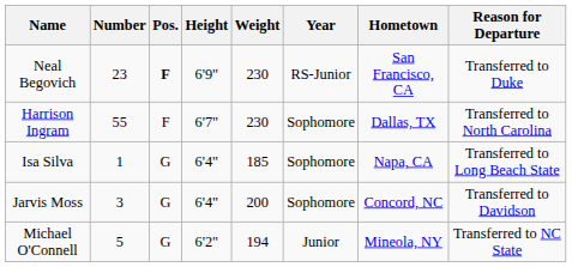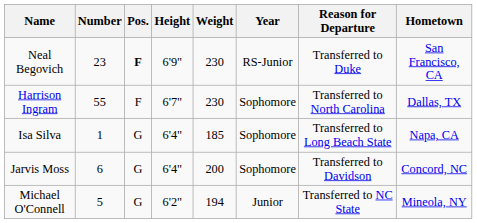 <table class="wikitable sortable sortable" style="text-align: center">
 <tr align=center>
 <th>Name</th>
 <th>Number</th>
 <th>Pos.</th>
 <th>Height</th>
 <th>Weight</th>
 <th>Year</th>
+<th>Reason for Departure</th>
 <th>Hometown</th>
-<th>Reason for Departure</th>
 </tr>
 <tr>
 <td>Neal Begovich</td>
 <td>23</td>
 <td><strong>F</strong></td>
 <td>6'9"</td>
 <td>230</td>
 <td>RS-Junior</td>
+<td>Transferred to <a href='#'>Duke</a></td>
 <td><a href='#'>San Francisco, CA</a></td>
-<td>Transferred to <a href='#'>Duke</a></td>
 </tr>
 <tr>
 <td><a href='#'>Harrison Ingram</a></td>
 <td>55</td>
 <td>F</td>
 <td>6'7"</td>
 <td>230</td>
 <td>Sophomore</td>
+<td>Transferred to <a href='#'>North Carolina</a></td>
 <td><a href='#'>Dallas, TX</a></td>
-<td>Transferred to <a href='#'>North Carolina</a></td>
 </tr>
 <tr>
 <td>Isa Silva</td>
 <td>1</td>
 <td>G</td>
 <td>6'4"</td>
 <td>185</td>
 <td>Sophomore</td>
+<td>Transferred to <a href='#'>Long Beach State</a></td>
 <td><a href='#'>Napa, CA</a></td>
-<td>Transferred to <a href='#'>Long Beach State</a></td>
 </tr>
 <tr>
 <td>Jarvis Moss</td>
-<td>3</td>
+<td>6</td>
 <td>G</td>
 <td>6'4"</td>
 <td>200</td>
 <td>Sophomore</td>
+<td>Transferred to <a href='#'>Davidson</a></td>
 <td><a href='#'>Concord, NC</a></td>
-<td>Transferred to <a href='#'>Davidson</a></td>
 </tr>
 <tr>
 <td>Michael O'Connell</td>
 <td>5</td>
 <td>G</td>
 <td>6'2"</td>
 <td>194</td>
 <td>Junior</td>
+<td>Transferred to <a href='#'>NC State</a></td>
 <td><a href='#'>Mineola, NY</a></td>
-<td>Transferred to <a href='#'>NC State</a></td>
 </tr>
 </table>
